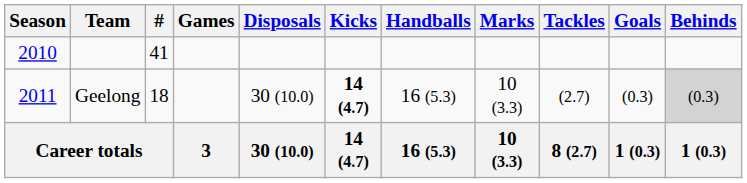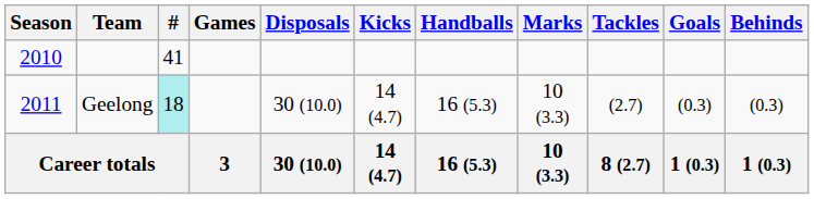 <table class="wikitable sortable" style="font-size:90%; text-align:center;" width=85%>
 <tr>
 <th width=3%>Season</th>
 <th width=5%>Team</th>
 <th width=2%>#</th>
 <th width=3%>Games</th>
 <th width=3%><a href='#'>Disposals</a></th>
 <th width=3%><a href='#'>Kicks</a></th>
 <th width=3%><a href='#'>Handballs</a></th>
 <th width=3%><a href='#'>Marks</a></th>
 <th width=3%><a href='#'>Tackles</a></th>
 <th width=3%><a href='#'>Goals</a></th>
 <th width=3%><a href='#'>Behinds</a></th>
 </tr>
 <tr>
 <td><a href='#'>2010</a></td>
 <td></td>
 <td>41</td>
 <td></td>
 <td></td>
 <td></td>
 <td></td>
 <td></td>
 <td></td>
 <td></td>
 <td></td>
 </tr>
 <tr>
 <td><a href='#'>2011</a></td>
 <td>Geelong</td>
-<td>18</td>
+<td style="background: paleturquoise;">18</td>
 <td></td>
 <td>30 <small>(10.0)</small></td>
-<td><strong>14 <small>(4.7)</small></strong></td>
+<td>14 <small>(4.7)</small></td>
 <td>16 <small>(5.3)</small></td>
 <td>10 <small>(3.3)</small></td>
 <td> <small>(2.7)</small></td>
 <td> <small>(0.3)</small></td>
-<td style="background: lightgrey;"> <small>(0.3)</small></td>
+<td> <small>(0.3)</small></td>
 </tr>
 <tr class="sortbottom">
 <th colspan=3>Career totals</th>
 <th>3</th>
 <th>30 <small>(10.0)</small></th>
 <th>14 <small>(4.7)</small></th>
 <th>16 <small>(5.3)</small></th>
 <th>10 <small>(3.3)</small></th>
 <th>8 <small>(2.7)</small></th>
 <th>1 <small>(0.3)</small></th>
 <th>1 <small>(0.3)</small></th>
 </tr>
 </table>
